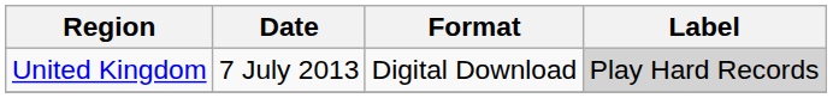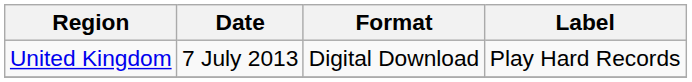 <table class=wikitable>
 <tr>
 <th>Region</th>
 <th>Date</th>
 <th>Format</th>
 <th>Label</th>
 </tr>
 <tr>
 <td><a href='#'>United Kingdom</a></td>
 <td>7 July 2013</td>
 <td>Digital Download</td>
-<td style="background: lightgrey;">Play Hard Records</td>
+<td>Play Hard Records</td>
 </tr>
 <tr>
 </tr>
 </table>
